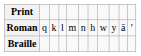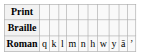 <table class="wikitable" style="text-align:center">
 <tr>
 <th>Print</th>
 <td><span></span></td>
 <td><span></span></td>
 <td><span></span></td>
 <td><span></span></td>
 <td><span></span></td>
 <td><span></span></td>
 <td><span></span></td>
 <td><span></span></td>
 <td><span></span></td>
 <td><span></span></td>
 </tr>
 <tr>
+<th>Braille</th>
+<td></td>
+<td></td>
+<td></td>
+<td></td>
+<td></td>
+<td></td>
+<td></td>
+<td></td>
+<td></td>
+<td></td>
+</tr>
+<tr>
 <th>Roman</th>
 <td>q</td>
 <td>k</td>
 <td>l</td>
 <td>m</td>
 <td>n</td>
 <td>h</td>
 <td>w</td>
 <td>y</td>
 <td>ā</td>
 <td>’</td>
 </tr>
-<tr>
-<th>Braille</th>
-<td></td>
-<td></td>
-<td></td>
-<td></td>
-<td></td>
-<td></td>
-<td></td>
-<td></td>
-<td></td>
-<td></td>
-</tr>
 </table>
